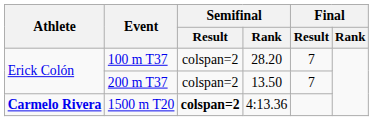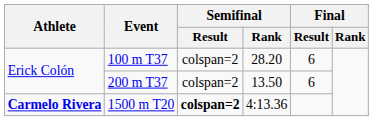 <table class="wikitable" style="font-size:90%">
 <tr>
 <th rowspan="2">Athlete</th>
 <th rowspan="2">Event</th>
 <th colspan="2">Semifinal</th>
 <th colspan="2">Final</th>
 </tr>
 <tr style="font-size:95%">
 <th>Result</th>
 <th>Rank</th>
 <th>Result</th>
 <th>Rank</th>
 </tr>
 <tr align=center>
 <td align=left rowspan=2><a href='#'>Erick Colón</a></td>
 <td align=left><a href='#'>100 m T37</a></td>
 <td>colspan=2 </td>
 <td>28.20</td>
-<td>7</td>
+<td>6</td>
 </tr>
 <tr align=center>
 <td align=left><a href='#'>200 m T37</a></td>
 <td>colspan=2 </td>
 <td>13.50</td>
-<td>7</td>
+<td>6</td>
 </tr>
 <tr align=center>
 <td align=left><strong><a href='#'>Carmelo Rivera</a></strong></td>
 <td align=left><a href='#'>1500 m T20</a></td>
 <td><strong>colspan=2 </strong></td>
 <td>4:13.36</td>
 <td></td>
 </tr>
 </table>
